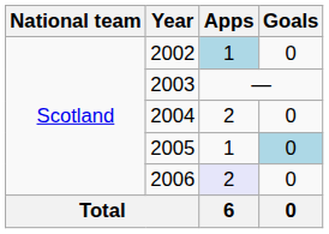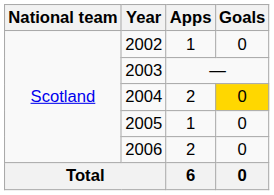 <table class="wikitable" style="text-align:center">
 <tr>
 <th>National team</th>
 <th>Year</th>
 <th>Apps</th>
 <th>Goals</th>
 </tr>
 <tr>
 <td rowspan="5"><a href='#'>Scotland</a></td>
 <td>2002</td>
-<td style="background: lightblue;">1</td>
+<td>1</td>
 <td>0</td>
 </tr>
 <tr>
 <td>2003</td>
 <td colspan="2">—</td>
 </tr>
 <tr>
 <td>2004</td>
 <td>2</td>
-<td>0</td>
+<td style="background: gold;">0</td>
 </tr>
 <tr>
 <td>2005</td>
 <td>1</td>
-<td style="background: lightblue;">0</td>
+<td>0</td>
 </tr>
 <tr>
 <td>2006</td>
-<td style="background: lavender;">2</td>
+<td>2</td>
 <td>0</td>
 </tr>
 <tr>
 <th colspan="2">Total</th>
 <th>6</th>
 <th>0</th>
 </tr>
 </table>
